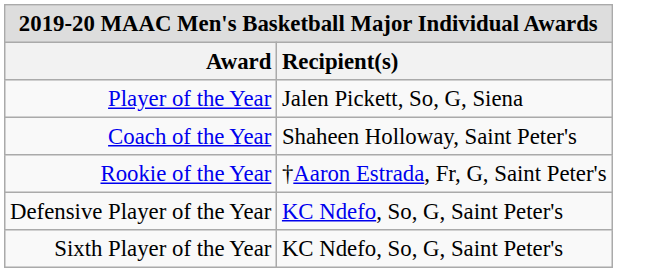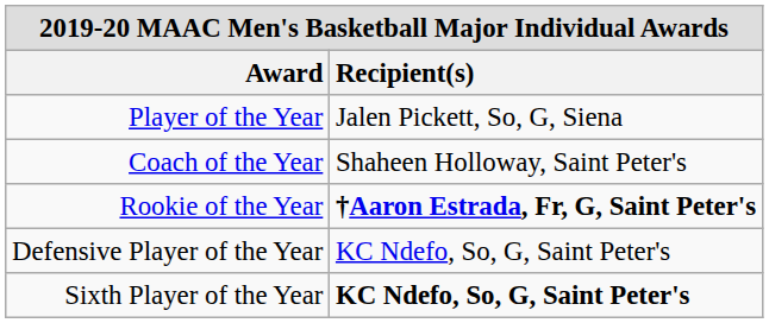 <table class="wikitable" style="white-space:nowrap;font-size:95%;">
 <tr>
 <td colspan="7" style="text-align:center; background:#ddd;"><strong>2019-20 MAAC Men's Basketball Major Individual Awards</strong> </td>
 </tr>
 <tr>
 <th style="text-align:right;">Award</th>
 <th style="text-align:left;">Recipient(s)</th>
 </tr>
 <tr>
 <td style="text-align:right;"><a href='#'>Player of the Year</a></td>
 <td style="text-align:left;">Jalen Pickett, So, G, Siena</td>
 </tr>
 <tr>
 <td style="text-align:right;"><a href='#'>Coach of the Year</a></td>
 <td style="text-align:left;">Shaheen Holloway, Saint Peter's</td>
 </tr>
 <tr>
 <td style="text-align:right;"><a href='#'>Rookie of the Year</a></td>
-<td style="text-align:left;">†<a href='#'>Aaron Estrada</a>, Fr, G, Saint Peter's</td>
+<td style="text-align:left;"><strong>†<a href='#'>Aaron Estrada</a>, Fr, G, Saint Peter's</strong></td>
 </tr>
 <tr>
 <td style="text-align:right;">Defensive Player of the Year</td>
 <td style="text-align:left;"><a href='#'>KC Ndefo</a>, So, G, Saint Peter's</td>
 </tr>
 <tr>
 <td style="text-align:right;">Sixth Player of the Year</td>
-<td style="text-align:left;">KC Ndefo, So, G, Saint Peter's</td>
+<td style="text-align:left;"><strong>KC Ndefo, So, G, Saint Peter's</strong></td>
 </tr>
 </table>
